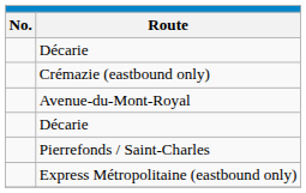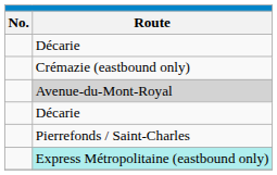 <table align=center class="wikitable">
 <tr>
 <th style="background: #0085CA; font-size:100%; color:#FFFFFF;"colspan="4"><a href='#'></a></th>
 </tr>
 <tr>
 <th>No.</th>
 <th>Route</th>
 </tr>
 <tr>
 <td></td>
 <td>Décarie</td>
 </tr>
 <tr>
 <td></td>
 <td>Crémazie (eastbound only)</td>
 </tr>
 <tr>
 <td {{Avoid wrap> </td>
-<td>Avenue-du-Mont-Royal</td>
+<td style="background: lightgrey;">Avenue-du-Mont-Royal</td>
 </tr>
 <tr>
 <td {{Avoid wrap> </td>
 <td>Décarie</td>
 </tr>
 <tr>
 <td {{Avoid wrap> </td>
 <td>Pierrefonds / Saint-Charles</td>
 </tr>
 <tr>
 <td></td>
-<td>Express Métropolitaine (eastbound only)</td>
+<td style="background: paleturquoise;">Express Métropolitaine (eastbound only)</td>
 </tr>
 <tr>
 </tr>
 </table>
